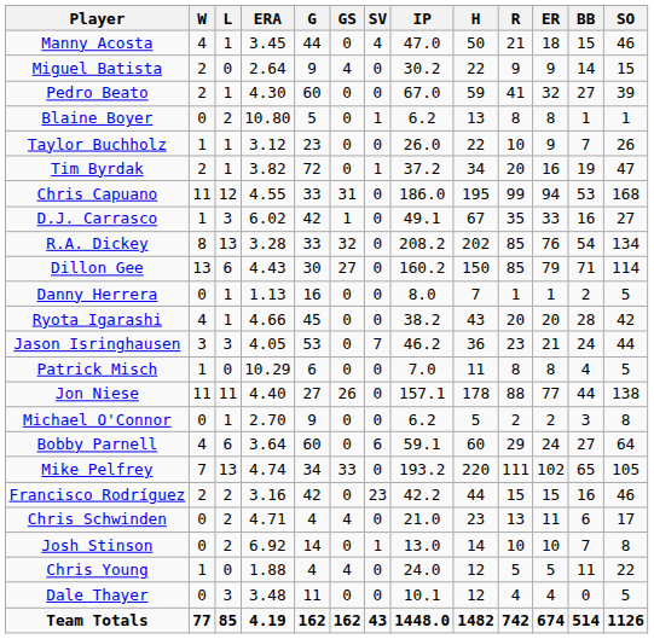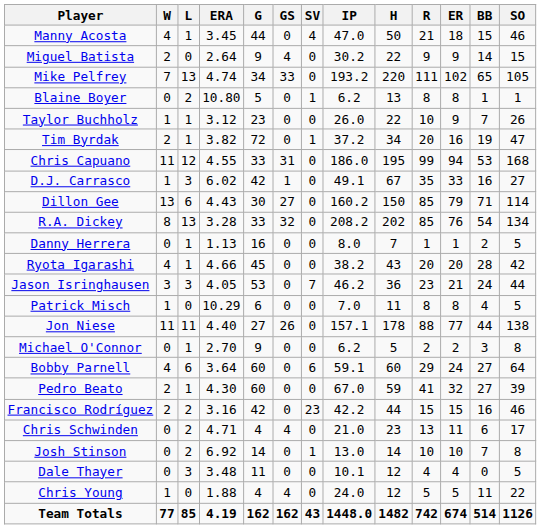 <table class="wikitable sortable">
 <tr>
 <th>Player</th>
 <th>W</th>
 <th>L</th>
 <th>ERA</th>
 <th>G</th>
 <th>GS</th>
 <th>SV</th>
 <th>IP</th>
 <th>H</th>
 <th>R</th>
 <th>ER</th>
 <th>BB</th>
 <th>SO</th>
 </tr>
 <tr align=center>
 <td><a href='#'>Manny Acosta</a></td>
 <td>4</td>
 <td>1</td>
 <td>3.45</td>
 <td>44</td>
 <td>0</td>
 <td>4</td>
 <td>47.0</td>
 <td>50</td>
 <td>21</td>
 <td>18</td>
 <td>15</td>
 <td>46</td>
 </tr>
 <tr align=center>
 <td><a href='#'>Miguel Batista</a></td>
 <td>2</td>
 <td>0</td>
 <td>2.64</td>
 <td>9</td>
 <td>4</td>
 <td>0</td>
 <td>30.2</td>
 <td>22</td>
 <td>9</td>
 <td>9</td>
 <td>14</td>
 <td>15</td>
 </tr>
 <tr align=center>
-<td><a href='#'>Pedro Beato</a></td>
-<td>2</td>
-<td>1</td>
-<td>4.30</td>
-<td>60</td>
+<td><a href='#'>Mike Pelfrey</a></td>
+<td>7</td>
+<td>13</td>
+<td>4.74</td>
+<td>34</td>
+<td>33</td>
 <td>0</td>
-<td>0</td>
-<td>67.0</td>
-<td>59</td>
-<td>41</td>
-<td>32</td>
-<td>27</td>
-<td>39</td>
+<td>193.2</td>
+<td>220</td>
+<td>111</td>
+<td>102</td>
+<td>65</td>
+<td>105</td>
 </tr>
 <tr align=center>
 <td><a href='#'>Blaine Boyer</a></td>
 <td>0</td>
 <td>2</td>
 <td>10.80</td>
 <td>5</td>
 <td>0</td>
 <td>1</td>
 <td>6.2</td>
 <td>13</td>
 <td>8</td>
 <td>8</td>
 <td>1</td>
 <td>1</td>
 </tr>
 <tr align=center>
 <td><a href='#'>Taylor Buchholz</a></td>
 <td>1</td>
 <td>1</td>
 <td>3.12</td>
 <td>23</td>
 <td>0</td>
 <td>0</td>
 <td>26.0</td>
 <td>22</td>
 <td>10</td>
 <td>9</td>
 <td>7</td>
 <td>26</td>
 </tr>
 <tr align=center>
 <td><a href='#'>Tim Byrdak</a></td>
 <td>2</td>
 <td>1</td>
 <td>3.82</td>
 <td>72</td>
 <td>0</td>
 <td>1</td>
 <td>37.2</td>
 <td>34</td>
 <td>20</td>
 <td>16</td>
 <td>19</td>
 <td>47</td>
 </tr>
 <tr align=center>
 <td><a href='#'>Chris Capuano</a></td>
 <td>11</td>
 <td>12</td>
 <td>4.55</td>
 <td>33</td>
 <td>31</td>
 <td>0</td>
 <td>186.0</td>
 <td>195</td>
 <td>99</td>
 <td>94</td>
 <td>53</td>
 <td>168</td>
 </tr>
 <tr align=center>
 <td><a href='#'>D.J. Carrasco</a></td>
 <td>1</td>
 <td>3</td>
 <td>6.02</td>
 <td>42</td>
 <td>1</td>
 <td>0</td>
 <td>49.1</td>
 <td>67</td>
 <td>35</td>
 <td>33</td>
 <td>16</td>
 <td>27</td>
 </tr>
 <tr align=center>
+<td><a href='#'>Dillon Gee</a></td>
+<td>13</td>
+<td>6</td>
+<td>4.43</td>
+<td>30</td>
+<td>27</td>
+<td>0</td>
+<td>160.2</td>
+<td>150</td>
+<td>85</td>
+<td>79</td>
+<td>71</td>
+<td>114</td>
+</tr>
+<tr align=center>
 <td><a href='#'>R.A. Dickey</a></td>
 <td>8</td>
 <td>13</td>
 <td>3.28</td>
 <td>33</td>
 <td>32</td>
 <td>0</td>
 <td>208.2</td>
 <td>202</td>
 <td>85</td>
 <td>76</td>
 <td>54</td>
 <td>134</td>
-</tr>
-<tr align=center>
-<td><a href='#'>Dillon Gee</a></td>
-<td>13</td>
-<td>6</td>
-<td>4.43</td>
-<td>30</td>
-<td>27</td>
-<td>0</td>
-<td>160.2</td>
-<td>150</td>
-<td>85</td>
-<td>79</td>
-<td>71</td>
-<td>114</td>
 </tr>
 <tr align=center>
 <td><a href='#'>Danny Herrera</a></td>
 <td>0</td>
 <td>1</td>
 <td>1.13</td>
 <td>16</td>
 <td>0</td>
 <td>0</td>
 <td>8.0</td>
 <td>7</td>
 <td>1</td>
 <td>1</td>
 <td>2</td>
 <td>5</td>
 </tr>
 <tr align=center>
 <td><a href='#'>Ryota Igarashi</a></td>
 <td>4</td>
 <td>1</td>
 <td>4.66</td>
 <td>45</td>
 <td>0</td>
 <td>0</td>
 <td>38.2</td>
 <td>43</td>
 <td>20</td>
 <td>20</td>
 <td>28</td>
 <td>42</td>
 </tr>
 <tr align=center>
 <td><a href='#'>Jason Isringhausen</a></td>
 <td>3</td>
 <td>3</td>
 <td>4.05</td>
 <td>53</td>
 <td>0</td>
 <td>7</td>
 <td>46.2</td>
 <td>36</td>
 <td>23</td>
 <td>21</td>
 <td>24</td>
 <td>44</td>
 </tr>
 <tr align=center>
 <td><a href='#'>Patrick Misch</a></td>
 <td>1</td>
 <td>0</td>
 <td>10.29</td>
 <td>6</td>
 <td>0</td>
 <td>0</td>
 <td>7.0</td>
 <td>11</td>
 <td>8</td>
 <td>8</td>
 <td>4</td>
 <td>5</td>
 </tr>
 <tr align=center>
 <td><a href='#'>Jon Niese</a></td>
 <td>11</td>
 <td>11</td>
 <td>4.40</td>
 <td>27</td>
 <td>26</td>
 <td>0</td>
 <td>157.1</td>
 <td>178</td>
 <td>88</td>
 <td>77</td>
 <td>44</td>
 <td>138</td>
 </tr>
 <tr align=center>
 <td><a href='#'>Michael O'Connor</a></td>
 <td>0</td>
 <td>1</td>
 <td>2.70</td>
 <td>9</td>
 <td>0</td>
 <td>0</td>
 <td>6.2</td>
 <td>5</td>
 <td>2</td>
 <td>2</td>
 <td>3</td>
 <td>8</td>
 </tr>
 <tr align=center>
 <td><a href='#'>Bobby Parnell</a></td>
 <td>4</td>
 <td>6</td>
 <td>3.64</td>
 <td>60</td>
 <td>0</td>
 <td>6</td>
 <td>59.1</td>
 <td>60</td>
 <td>29</td>
 <td>24</td>
 <td>27</td>
 <td>64</td>
 </tr>
 <tr align=center>
-<td><a href='#'>Mike Pelfrey</a></td>
-<td>7</td>
-<td>13</td>
-<td>4.74</td>
-<td>34</td>
-<td>33</td>
+<td><a href='#'>Pedro Beato</a></td>
+<td>2</td>
+<td>1</td>
+<td>4.30</td>
+<td>60</td>
 <td>0</td>
-<td>193.2</td>
-<td>220</td>
-<td>111</td>
-<td>102</td>
-<td>65</td>
-<td>105</td>
+<td>0</td>
+<td>67.0</td>
+<td>59</td>
+<td>41</td>
+<td>32</td>
+<td>27</td>
+<td>39</td>
 </tr>
 <tr align=center>
 <td><a href='#'>Francisco Rodríguez</a></td>
 <td>2</td>
 <td>2</td>
 <td>3.16</td>
 <td>42</td>
 <td>0</td>
 <td>23</td>
 <td>42.2</td>
 <td>44</td>
 <td>15</td>
 <td>15</td>
 <td>16</td>
 <td>46</td>
 </tr>
 <tr align=center>
 <td><a href='#'>Chris Schwinden</a></td>
 <td>0</td>
 <td>2</td>
 <td>4.71</td>
 <td>4</td>
 <td>4</td>
 <td>0</td>
 <td>21.0</td>
 <td>23</td>
 <td>13</td>
 <td>11</td>
 <td>6</td>
 <td>17</td>
 </tr>
 <tr align=center>
 <td><a href='#'>Josh Stinson</a></td>
 <td>0</td>
 <td>2</td>
 <td>6.92</td>
 <td>14</td>
 <td>0</td>
 <td>1</td>
 <td>13.0</td>
 <td>14</td>
 <td>10</td>
 <td>10</td>
 <td>7</td>
 <td>8</td>
 </tr>
 <tr align=center>
+<td><a href='#'>Dale Thayer</a></td>
+<td>0</td>
+<td>3</td>
+<td>3.48</td>
+<td>11</td>
+<td>0</td>
+<td>0</td>
+<td>10.1</td>
+<td>12</td>
+<td>4</td>
+<td>4</td>
+<td>0</td>
+<td>5</td>
+</tr>
+<tr align=center>
 <td><a href='#'>Chris Young</a></td>
 <td>1</td>
 <td>0</td>
 <td>1.88</td>
 <td>4</td>
 <td>4</td>
 <td>0</td>
 <td>24.0</td>
 <td>12</td>
 <td>5</td>
 <td>5</td>
 <td>11</td>
 <td>22</td>
-</tr>
-<tr align=center>
-<td><a href='#'>Dale Thayer</a></td>
-<td>0</td>
-<td>3</td>
-<td>3.48</td>
-<td>11</td>
-<td>0</td>
-<td>0</td>
-<td>10.1</td>
-<td>12</td>
-<td>4</td>
-<td>4</td>
-<td>0</td>
-<td>5</td>
 </tr>
 <tr align=center>
 <td><strong>Team Totals</strong></td>
 <td><strong>77</strong></td>
 <td><strong>85</strong></td>
 <td><strong>4.19</strong></td>
 <td><strong>162</strong></td>
 <td><strong>162</strong></td>
 <td><strong>43</strong></td>
 <td><strong>1448.0</strong></td>
 <td><strong>1482</strong></td>
 <td><strong>742</strong></td>
 <td><strong>674</strong></td>
 <td><strong>514</strong></td>
 <td><strong>1126</strong></td>
 </tr>
 </table>
